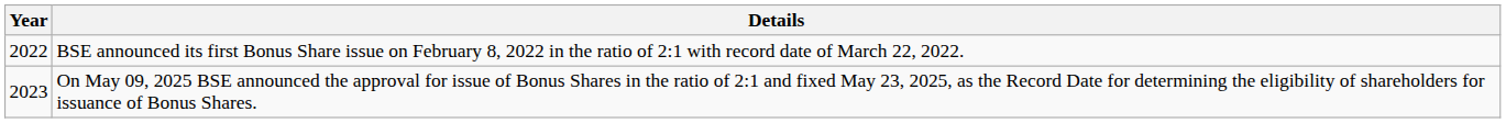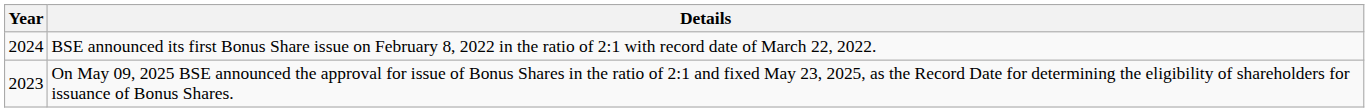 <table class="wikitable sortable mw-collapsible">
 <tr>
 <th>Year</th>
 <th>Details</th>
 </tr>
 <tr>
-<td>2022</td>
+<td>2024</td>
 <td>BSE announced its first Bonus Share issue on February 8, 2022 in the ratio of 2:1 with record date of March 22, 2022. </td>
 </tr>
 <tr>
 <td>2023</td>
 <td>On May 09, 2025 BSE announced the approval for issue of Bonus Shares in the ratio of 2:1 and fixed May 23, 2025, as the Record Date for determining the eligibility of shareholders for issuance of Bonus Shares. </td>
 </tr>
 </table>
